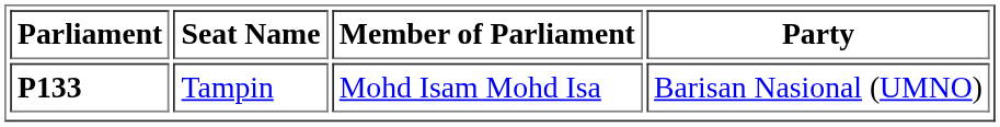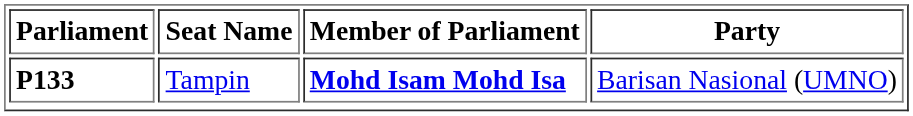 <table class="toccolours sortable" cellpadding="3" border="1">
 <tr>
 <th align="center">Parliament</th>
 <th>Seat Name</th>
 <th>Member of Parliament</th>
 <th>Party</th>
 </tr>
 <tr>
 <th align="left">P133</th>
 <td><a href='#'>Tampin</a></td>
-<td><a href='#'>Mohd Isam Mohd Isa</a></td>
+<td><strong><a href='#'>Mohd Isam Mohd Isa</a></strong></td>
 <td><a href='#'>Barisan Nasional</a> (<a href='#'>UMNO</a>)</td>
 </tr>
 <tr>
 </tr>
 </table>
